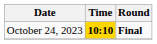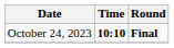 <table class="wikitable">
 <tr>
 <th>Date</th>
 <th>Time</th>
 <th>Round</th>
 </tr>
 <tr>
 <td>October 24, 2023</td>
-<td style="background: gold;"><strong>10:10</strong></td>
+<td><strong>10:10</strong></td>
 <td><strong>Final</strong></td>
 </tr>
 <tr>
 </tr>
 </table>
